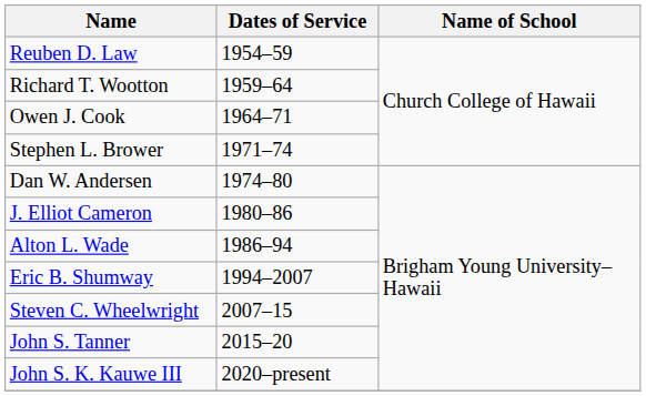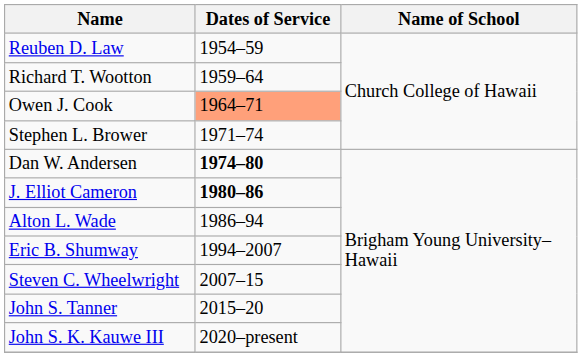 <table class="wikitable">
 <tr>
 <th width="160">Name</th>
 <th width="120">Dates of Service</th>
 <th width="200">Name of School</th>
 </tr>
 <tr>
 <td><a href='#'>Reuben D. Law</a></td>
 <td>1954–59</td>
 <td rowspan="4">Church College of Hawaii</td>
 </tr>
 <tr>
 <td>Richard T. Wootton</td>
 <td>1959–64</td>
 </tr>
 <tr>
 <td>Owen J. Cook</td>
-<td>1964–71</td>
+<td style="background: lightsalmon;">1964–71</td>
 </tr>
 <tr>
 <td>Stephen L. Brower</td>
 <td>1971–74</td>
 </tr>
 <tr>
 <td>Dan W. Andersen</td>
-<td>1974–80</td>
+<td><strong>1974–80</strong></td>
 <td rowspan="7">Brigham Young University–Hawaii</td>
 </tr>
 <tr>
 <td><a href='#'>J. Elliot Cameron</a></td>
-<td>1980–86</td>
+<td><strong>1980–86</strong></td>
 </tr>
 <tr>
 <td><a href='#'>Alton L. Wade</a></td>
 <td>1986–94</td>
 </tr>
 <tr>
 <td><a href='#'>Eric B. Shumway</a></td>
 <td>1994–2007</td>
 </tr>
 <tr>
 <td><a href='#'>Steven C. Wheelwright</a></td>
 <td>2007–15</td>
 </tr>
 <tr>
 <td><a href='#'>John S. Tanner</a></td>
 <td>2015–20</td>
 </tr>
 <tr>
 <td><a href='#'>John S. K. Kauwe III</a></td>
 <td>2020–present</td>
 </tr>
 <tr>
 </tr>
 </table>
